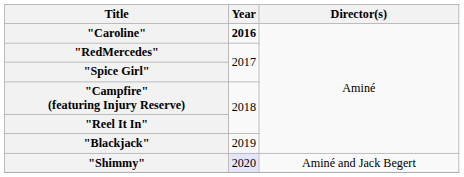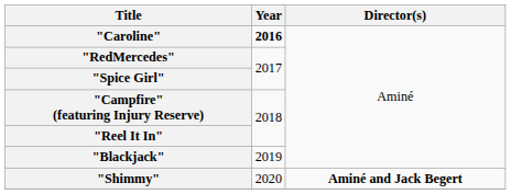 <table class="wikitable plainrowheaders" style="text-align:center;">
 <tr>
 <th scope="col" style="width:18em;">Title</th>
 <th scope="col">Year</th>
 <th scope="col" style="width:16em;">Director(s)</th>
 </tr>
 <tr>
 <th scope="row">"Caroline"</th>
 <td><strong>2016</strong></td>
 <td rowspan="6">Aminé</td>
 </tr>
 <tr>
 <th scope="row">"RedMercedes"</th>
 <td rowspan="2">2017</td>
 </tr>
 <tr>
 <th scope="row">"Spice Girl"</th>
 </tr>
 <tr>
 <th scope="row">"Campfire"<br><span>(featuring Injury Reserve)</span></th>
 <td rowspan="2">2018</td>
 </tr>
 <tr>
 <th scope="row">"Reel It In"</th>
 </tr>
 <tr>
 <th scope="row">"Blackjack"</th>
 <td>2019</td>
 </tr>
 <tr>
 <th scope="row">"Shimmy"</th>
-<td style="background: lavender;">2020</td>
-<td>Aminé and Jack Begert</td>
+<td>2020</td>
+<td><strong>Aminé and Jack Begert</strong></td>
 </tr>
 <tr>
 </tr>
 </table>
